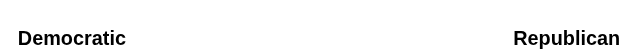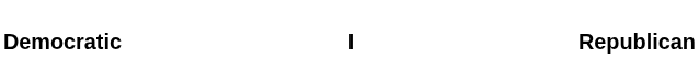 <table style="width:50em; text-align:center">
 <tr style="color:white">
 <td style="background:"><strong>61</strong></td>
+<td style="background:"><strong>1</strong></td>
 <td style="background:"><strong>38</strong></td>
 </tr>
 <tr>
 <td><span><strong>Democratic</strong></span></td>
+<td><strong>I</strong></td>
 <td><span><strong>Republican</strong></span></td>
 </tr>
 </table>
